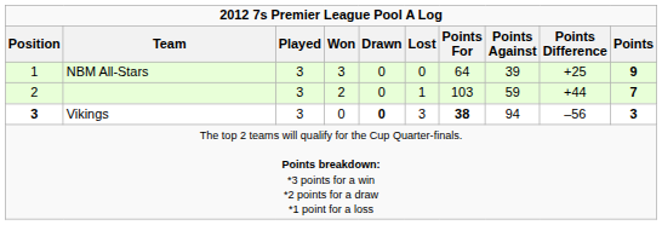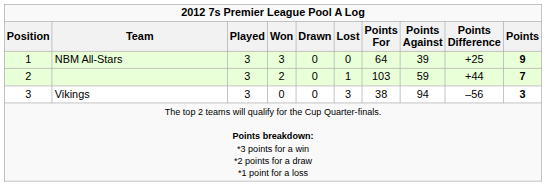 <table class="wikitable" style="text-align: center;">
 <tr>
 <td colspan="10" cellpadding="0" cellspacing="0"><strong>2012 7s Premier League Pool A Log</strong></td>
 </tr>
 <tr>
 <th bgcolor="#efefef" width="20">Position</th>
 <th bgcolor="#efefef" width="250">Team</th>
 <th bgcolor="#efefef" width="20">Played</th>
 <th bgcolor="#efefef" width="20">Won</th>
 <th bgcolor="#efefef" width="20">Drawn</th>
 <th bgcolor="#efefef" width="20">Lost</th>
 <th bgcolor="#efefef" width="20">Points For</th>
 <th bgcolor="#efefef" width="20">Points Against</th>
 <th bgcolor="#efefef" width="20">Points Difference</th>
 <th bgcolor="#efefef" width="20">Points<br></th>
 </tr>
 <tr bgcolor=#E8FFD8>
 <td>1</td>
 <td align=left>NBM All-Stars</td>
 <td>3</td>
 <td>3</td>
 <td>0</td>
 <td>0</td>
 <td>64</td>
 <td>39</td>
 <td>+25</td>
 <td><strong>9</strong></td>
 </tr>
 <tr bgcolor=#E8FFD8>
 <td>2</td>
 <td align=left></td>
 <td>3</td>
 <td>2</td>
 <td>0</td>
 <td>1</td>
 <td>103</td>
 <td>59</td>
 <td>+44</td>
 <td><strong>7</strong></td>
 </tr>
 <tr bgcolor=#FFFFFF>
-<td><strong>3</strong></td>
+<td>3</td>
 <td align=left>Vikings</td>
 <td>3</td>
 <td>0</td>
-<td><strong>0</strong></td>
+<td>0</td>
 <td>3</td>
-<td><strong>38</strong></td>
+<td>38</td>
 <td>94</td>
 <td>–56</td>
 <td><strong>3</strong></td>
 </tr>
 <tr |align=left|>
 <td colspan="10" style="border:0px"><small>The top 2 teams will qualify for the Cup Quarter-finals.<br><br><strong>Points breakdown:</strong><br>*3 points for a win<br>*2 points for a draw<br>*1 point for a loss</small></td>
 </tr>
 </table>
